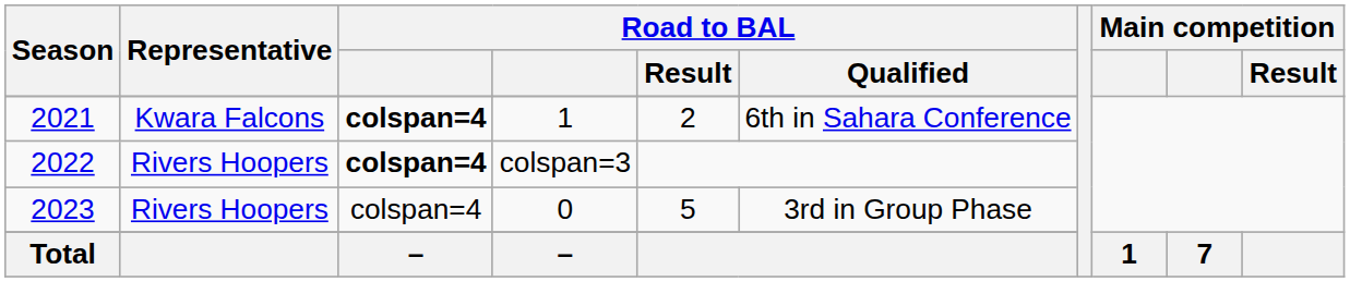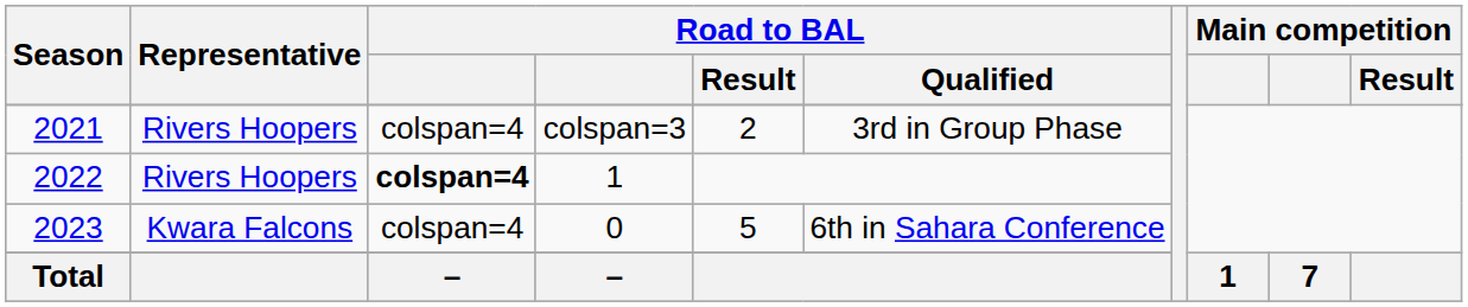 <table class="wikitable" style="text-align:center;">
 <tr>
 <th rowspan="2">Season</th>
 <th rowspan="2">Representative</th>
 <th colspan="4"><a href='#'>Road to BAL</a></th>
 <th rowspan="100"></th>
 <th colspan="3">Main competition</th>
 </tr>
 <tr>
 <th width="35"></th>
 <th width="35"></th>
 <th>Result</th>
 <th>Qualified</th>
 <th width="35"></th>
 <th width="35"></th>
 <th>Result</th>
 </tr>
 <tr>
 </tr>
 <tr>
 <td><a href='#'>2021</a></td>
-<td><a href='#'>Kwara Falcons</a></td>
-<td><strong>colspan=4 </strong></td>
-<td>1</td>
+<td><a href='#'>Rivers Hoopers</a></td>
+<td>colspan=4 </td>
+<td>colspan=3  </td>
 <td>2</td>
-<td>6th in <a href='#'>Sahara Conference</a></td>
+<td>3rd in Group Phase</td>
 </tr>
 <tr>
 <td><a href='#'>2022</a></td>
 <td><a href='#'>Rivers Hoopers</a></td>
 <td><strong>colspan=4  </strong></td>
-<td>colspan=3  </td>
+<td>1</td>
 </tr>
 <tr>
 <td><a href='#'>2023</a></td>
-<td><a href='#'>Rivers Hoopers</a></td>
+<td><a href='#'>Kwara Falcons</a></td>
 <td>colspan=4  </td>
 <td>0</td>
 <td>5</td>
-<td>3rd in Group Phase</td>
+<td>6th in <a href='#'>Sahara Conference</a></td>
 </tr>
 <tr>
 </tr>
 <tr>
 <th>Total</th>
 <th></th>
 <th>–</th>
 <th>–</th>
 <th colspan="2"></th>
 <th>1</th>
 <th>7</th>
 <th></th>
 </tr>
 </table>
